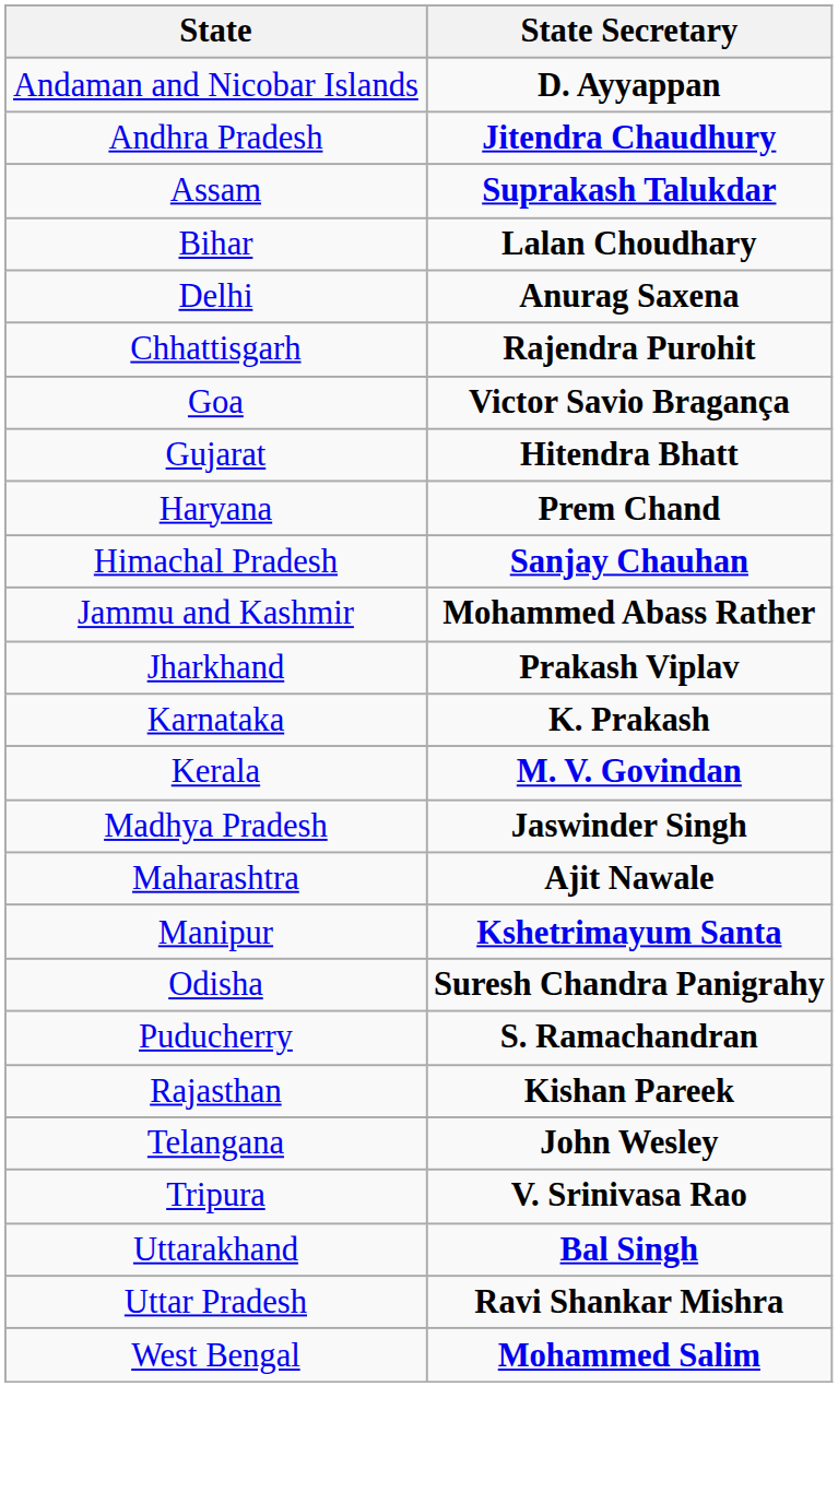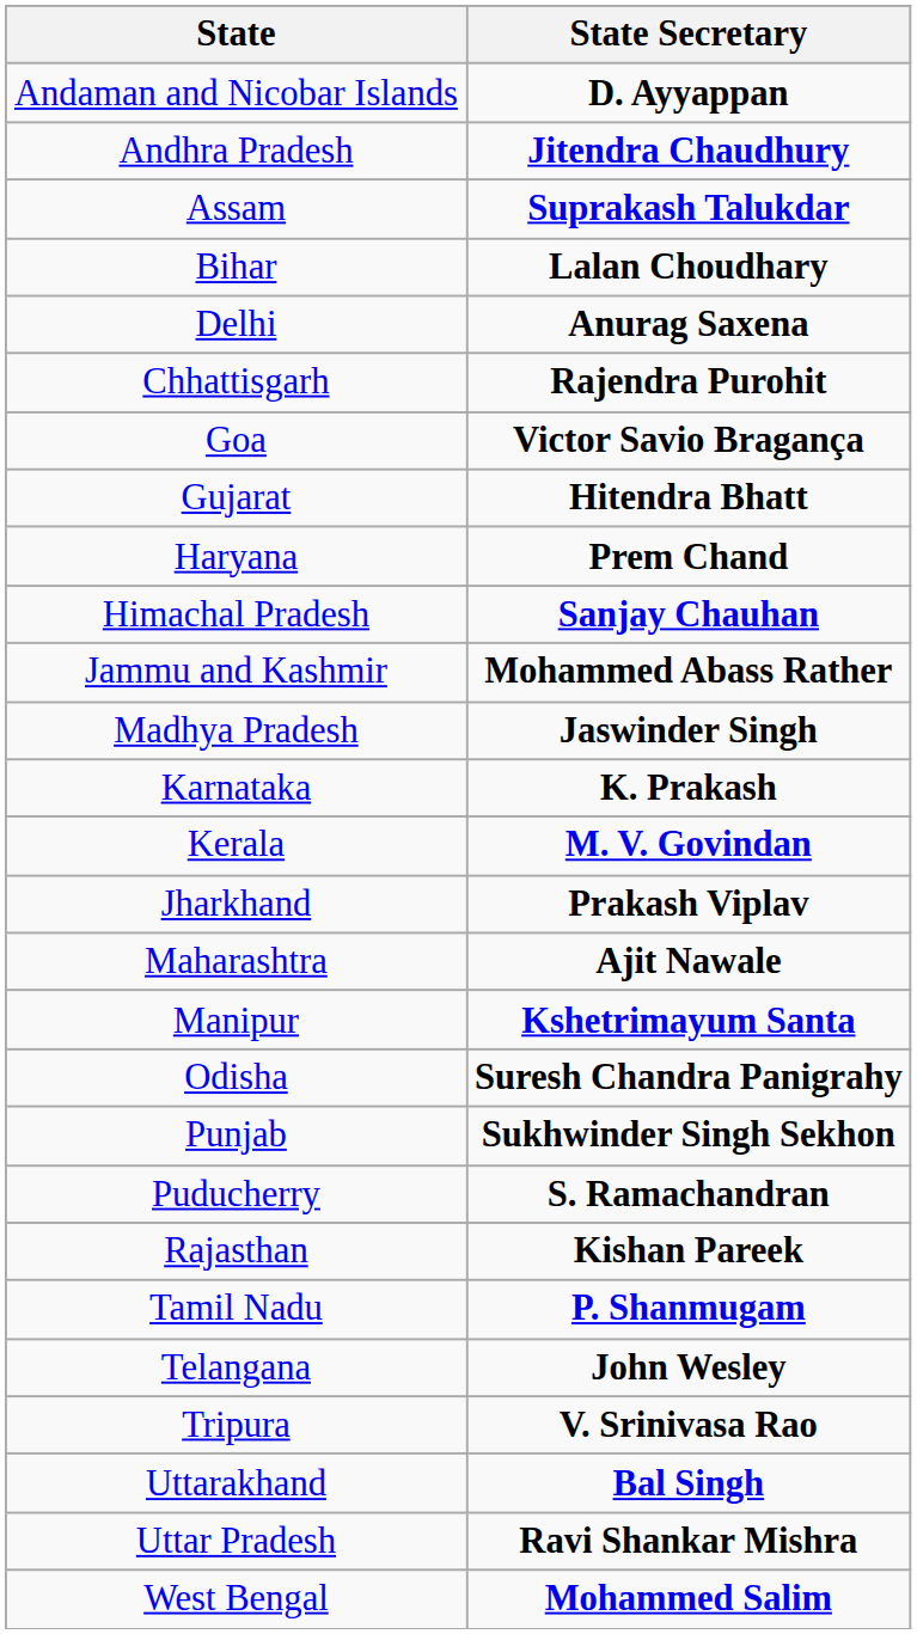 <table class="wikitable sortable" style="text-align:center"|>
 <tr>
 <th Style="background-color:">State</th>
 <th Style="background-color:">State Secretary</th>
 </tr>
 <tr>
 <td><a href='#'>Andaman and Nicobar Islands</a></td>
 <td><strong>D. Ayyappan</strong></td>
 </tr>
 <tr>
 <td><a href='#'>Andhra Pradesh</a></td>
 <td><strong><a href='#'>Jitendra Chaudhury</a></strong></td>
 </tr>
 <tr>
 <td><a href='#'>Assam</a></td>
 <td><strong><a href='#'>Suprakash Talukdar</a></strong></td>
 </tr>
 <tr>
 <td><a href='#'>Bihar</a></td>
 <td><strong>Lalan Choudhary</strong></td>
 </tr>
 <tr>
 <td><a href='#'>Delhi</a></td>
 <td><strong>Anurag Saxena</strong></td>
 </tr>
 <tr>
 <td><a href='#'>Chhattisgarh</a></td>
 <td><strong>Rajendra Purohit</strong></td>
 </tr>
 <tr>
 <td><a href='#'>Goa</a></td>
 <td><strong>Victor Savio Bragança</strong></td>
 </tr>
 <tr>
 <td><a href='#'>Gujarat</a></td>
 <td><strong>Hitendra Bhatt</strong></td>
 </tr>
 <tr>
 <td><a href='#'>Haryana</a></td>
 <td><strong>Prem Chand</strong></td>
 </tr>
 <tr>
 <td><a href='#'>Himachal Pradesh</a></td>
 <td><strong><a href='#'>Sanjay Chauhan</a></strong></td>
 </tr>
 <tr>
 <td><a href='#'>Jammu and Kashmir</a></td>
 <td><strong>Mohammed Abass Rather</strong></td>
 </tr>
 <tr>
-<td><a href='#'>Jharkhand</a></td>
-<td><strong>Prakash Viplav</strong></td>
+<td><a href='#'>Madhya Pradesh</a></td>
+<td><strong>Jaswinder Singh</strong></td>
 </tr>
 <tr>
 <td><a href='#'>Karnataka</a></td>
 <td><strong>K. Prakash</strong></td>
 </tr>
 <tr>
 <td><a href='#'>Kerala</a></td>
 <td><strong><a href='#'>M. V. Govindan</a></strong></td>
 </tr>
 <tr>
-<td><a href='#'>Madhya Pradesh</a></td>
-<td><strong>Jaswinder Singh</strong></td>
+<td><a href='#'>Jharkhand</a></td>
+<td><strong>Prakash Viplav</strong></td>
 </tr>
 <tr>
 <td><a href='#'>Maharashtra</a></td>
 <td><strong>Ajit Nawale</strong></td>
 </tr>
 <tr>
 <td><a href='#'>Manipur</a></td>
 <td><strong><a href='#'>Kshetrimayum Santa</a></strong></td>
 </tr>
 <tr>
 <td><a href='#'>Odisha</a></td>
 <td><strong>Suresh Chandra Panigrahy</strong></td>
 </tr>
 <tr>
+<td><a href='#'>Punjab</a></td>
+<td><strong>Sukhwinder Singh Sekhon</strong></td>
+</tr>
+<tr>
 <td><a href='#'>Puducherry</a></td>
 <td><strong>S. Ramachandran</strong></td>
 </tr>
 <tr>
 <td><a href='#'>Rajasthan</a></td>
 <td><strong>Kishan Pareek</strong></td>
+</tr>
+<tr>
+<td><a href='#'>Tamil Nadu</a></td>
+<td><strong><a href='#'>P. Shanmugam</a></strong></td>
 </tr>
 <tr>
 <td><a href='#'>Telangana</a></td>
 <td><strong>John Wesley</strong></td>
 </tr>
 <tr>
 <td><a href='#'>Tripura</a></td>
 <td><strong>V. Srinivasa Rao</strong></td>
 </tr>
 <tr>
 <td><a href='#'>Uttarakhand</a></td>
 <td><strong><a href='#'>Bal Singh</a></strong></td>
 </tr>
 <tr>
 <td><a href='#'>Uttar Pradesh</a></td>
 <td><strong>Ravi Shankar Mishra</strong></td>
 </tr>
 <tr>
 <td><a href='#'>West Bengal</a></td>
 <td><strong><a href='#'>Mohammed Salim</a></strong></td>
 </tr>
 <tr>
 </tr>
 </table>
